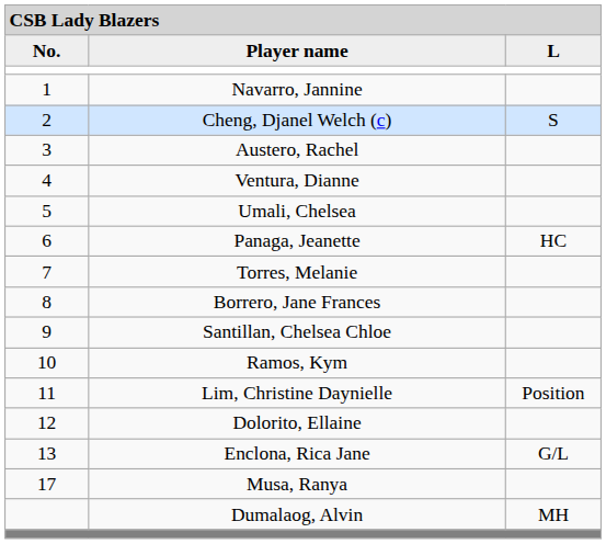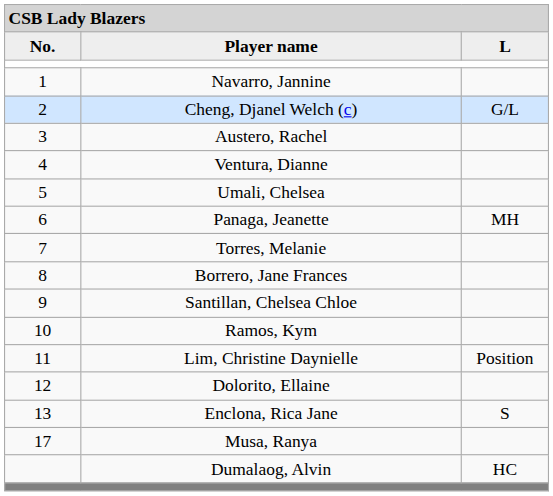 <table class='wikitable mw-collapsible mw-collapsed' style='text-align: center; width: 500px; border: none;'>
 <tr>
 <th style="background:#D4D4D4; text-align:left;" colspan=3> CSB Lady Blazers</th>
 </tr>
 <tr style="background:#EEEEEE; font-weight:bold;">
 <td width=10%>No.</td>
 <td width=50%>Player name</td>
 <td align=center>L</td>
 </tr>
 <tr style="background:#FFFFFF;">
 <td colspan=3 align=center></td>
 </tr>
 <tr>
 <td align=center>1</td>
 <td>Navarro, Jannine</td>
 <td align=center></td>
 </tr>
 <tr style="background: #D0E6FF;">
 <td align=center>2</td>
 <td>Cheng, Djanel Welch (<a href='#'>c</a>)</td>
-<td align=center>S</td>
+<td align=center>G/L</td>
 </tr>
 <tr>
 <td align=center>3</td>
 <td>Austero, Rachel</td>
 <td align=center></td>
 </tr>
 <tr>
 <td align=center>4</td>
 <td>Ventura, Dianne</td>
 <td align=center></td>
 </tr>
 <tr>
 <td align=center>5</td>
 <td>Umali, Chelsea</td>
 <td align=center></td>
 </tr>
 <tr>
 <td align=center>6</td>
 <td>Panaga, Jeanette</td>
-<td align=center>HC</td>
+<td align=center>MH</td>
 </tr>
 <tr>
 <td align=center>7</td>
 <td>Torres, Melanie</td>
 <td align=center></td>
 </tr>
 <tr>
 <td align=center>8</td>
 <td>Borrero, Jane Frances</td>
 <td align=center></td>
 </tr>
 <tr>
 <td align=center>9</td>
 <td>Santillan, Chelsea Chloe</td>
 <td align=center></td>
 </tr>
 <tr>
 <td align=center>10</td>
 <td>Ramos, Kym</td>
 <td align=center></td>
 </tr>
 <tr>
 <td align=center>11</td>
 <td>Lim, Christine Daynielle</td>
 <td width=10%>Position</td>
 </tr>
 <tr>
 <td align=center>12</td>
 <td>Dolorito, Ellaine</td>
 <td align=center></td>
 </tr>
 <tr>
 <td align=center>13</td>
 <td>Enclona, Rica Jane</td>
-<td align=center>G/L</td>
+<td align=center>S</td>
 </tr>
 <tr>
 <td align=center>17</td>
 <td>Musa, Ranya</td>
 <td align=center></td>
 </tr>
 <tr>
 <td align=center></td>
 <td>Dumalaog, Alvin</td>
-<td align=center>MH</td>
+<td align=center>HC</td>
 </tr>
 <tr>
 <th style='background: grey;' colspan=3></th>
 </tr>
 </table>
